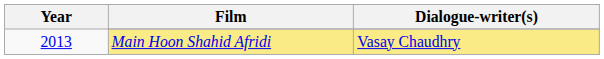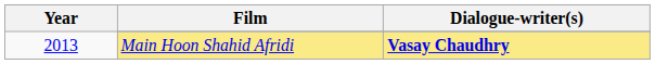 <table class="wikitable">
 <tr>
 <th width="8%">Year</th>
 <th width="19%">Film</th>
 <th width="19%">Dialogue-writer(s)</th>
 </tr>
 <tr>
 <td rowspan=2 style="text-align:center"><a href='#'>2013</a><br></td>
 </tr>
 <tr style="background:#FAEB86">
 <td><em><a href='#'>Main Hoon Shahid Afridi</a></em></td>
-<td><a href='#'>Vasay Chaudhry</a></td>
+<td><strong><a href='#'>Vasay Chaudhry</a></strong></td>
 </tr>
 </table>
